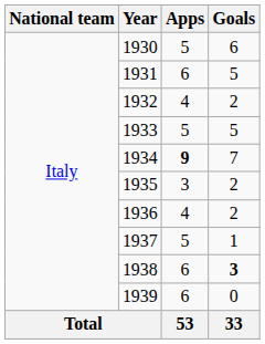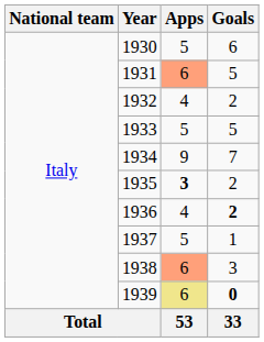 <table class="wikitable" style="text-align:center">
 <tr>
 <th>National team</th>
 <th>Year</th>
 <th>Apps</th>
 <th>Goals</th>
 </tr>
 <tr>
 <td rowspan="10"><a href='#'>Italy</a></td>
 <td>1930</td>
 <td>5</td>
 <td>6</td>
 </tr>
 <tr>
 <td>1931</td>
-<td>6</td>
+<td style="background: lightsalmon;">6</td>
 <td>5</td>
 </tr>
 <tr>
 <td>1932</td>
 <td>4</td>
 <td>2</td>
 </tr>
 <tr>
 <td>1933</td>
 <td>5</td>
 <td>5</td>
 </tr>
 <tr>
 <td>1934</td>
-<td><strong>9</strong></td>
+<td>9</td>
 <td>7</td>
 </tr>
 <tr>
 <td>1935</td>
-<td>3</td>
+<td><strong>3</strong></td>
 <td>2</td>
 </tr>
 <tr>
 <td>1936</td>
 <td>4</td>
-<td>2</td>
+<td><strong>2</strong></td>
 </tr>
 <tr>
 <td>1937</td>
 <td>5</td>
 <td>1</td>
 </tr>
 <tr>
 <td>1938</td>
-<td>6</td>
-<td><strong>3</strong></td>
+<td style="background: lightsalmon;">6</td>
+<td>3</td>
 </tr>
 <tr>
 <td>1939</td>
-<td>6</td>
-<td>0</td>
+<td style="background: khaki;">6</td>
+<td><strong>0</strong></td>
 </tr>
 <tr>
 <th colspan="2">Total</th>
 <th>53</th>
 <th>33</th>
 </tr>
 </table>
